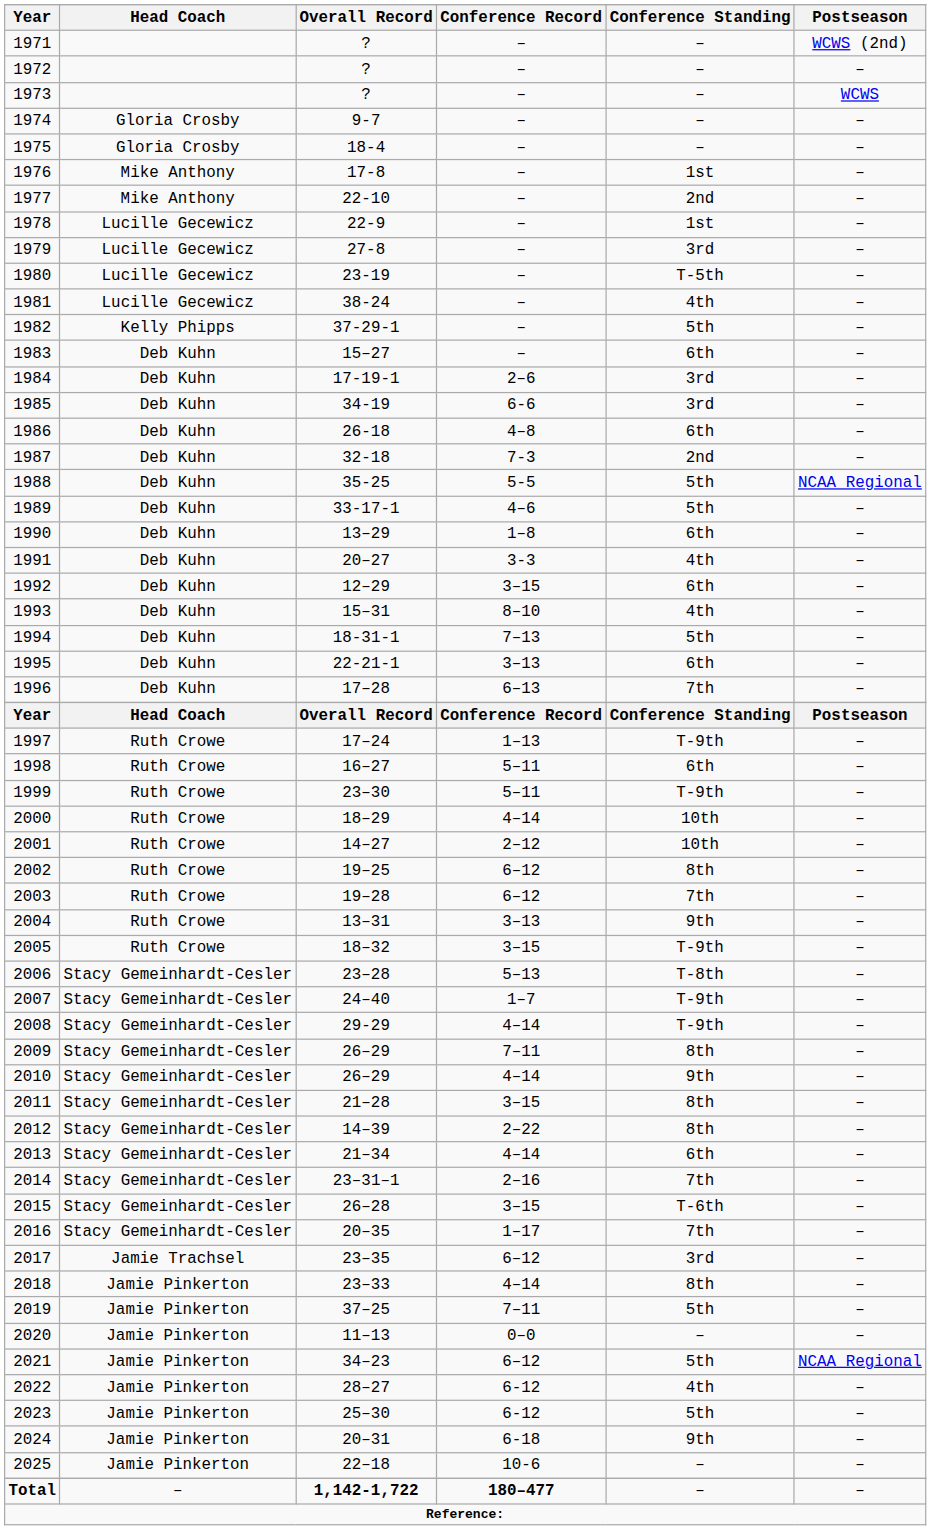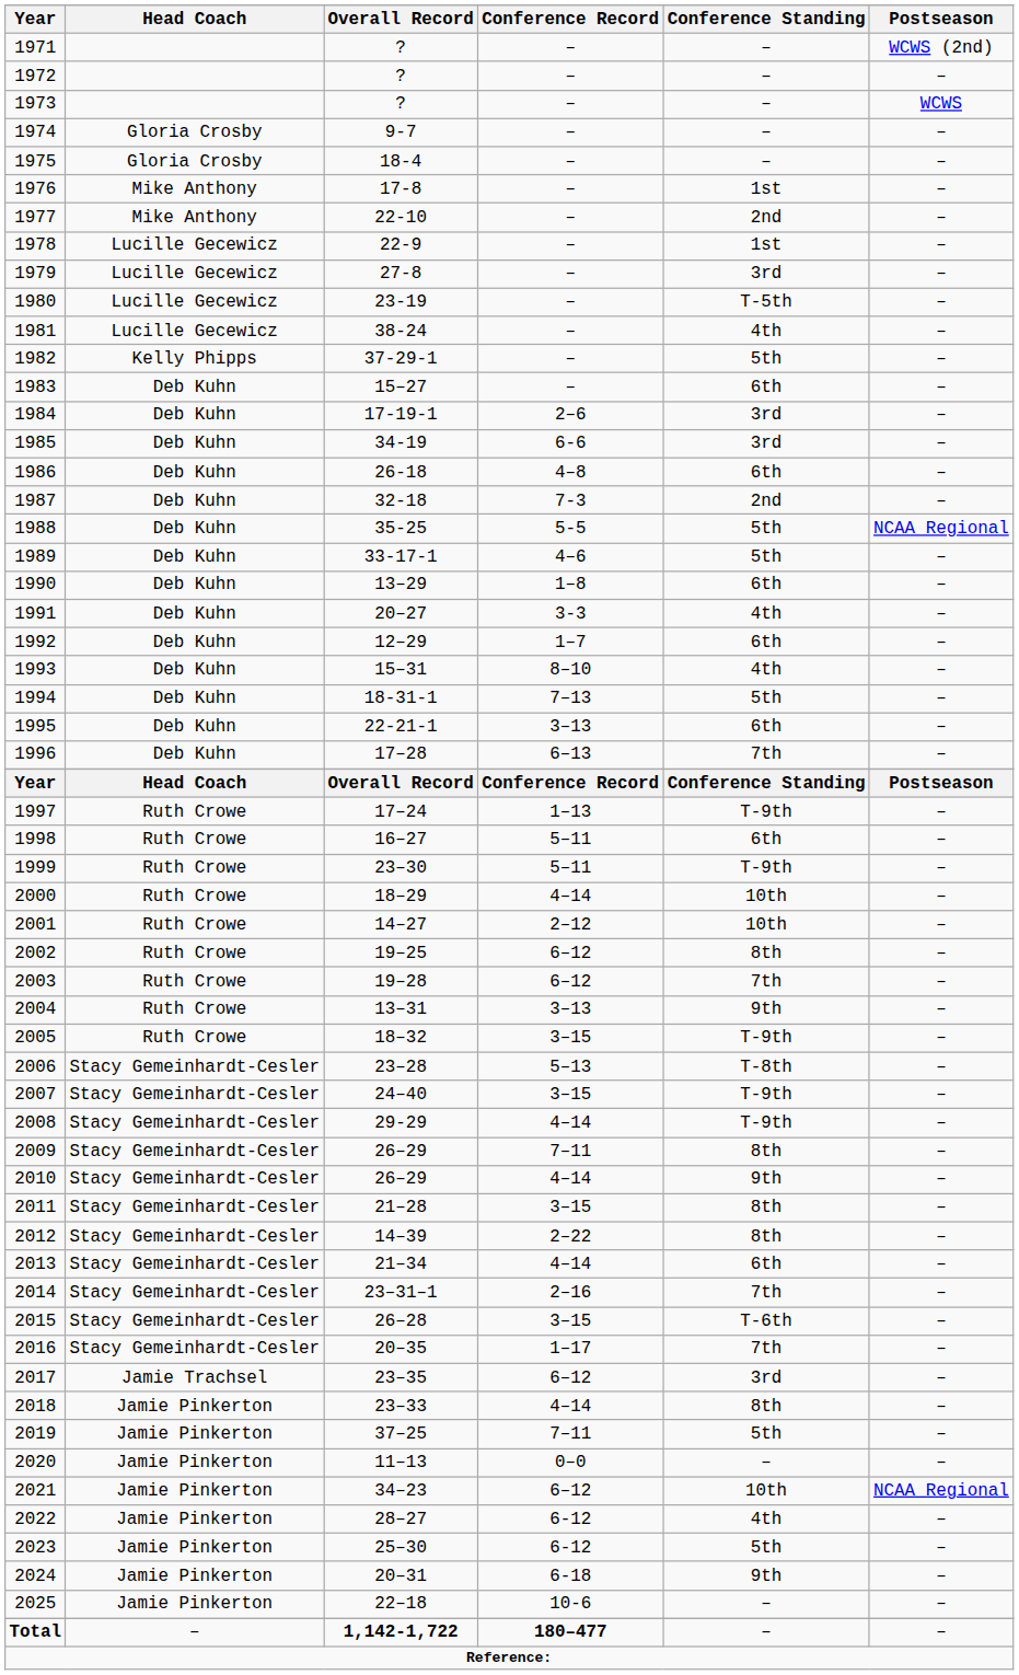 <table class="wikitable" style="text-align: center">
 <tr align=center>
 </tr>
 <tr>
 <th>Year</th>
 <th>Head Coach</th>
 <th>Overall Record</th>
 <th>Conference Record</th>
 <th>Conference Standing</th>
 <th>Postseason</th>
 </tr>
 <tr>
 <td>1971</td>
 <td></td>
 <td>?</td>
 <td>–</td>
 <td>–</td>
 <td><a href='#'>WCWS</a> (2nd)</td>
 </tr>
 <tr>
 <td>1972</td>
 <td></td>
 <td>?</td>
 <td>–</td>
 <td>–</td>
 <td>–</td>
 </tr>
 <tr>
 <td>1973</td>
 <td></td>
 <td>?</td>
 <td>–</td>
 <td>–</td>
 <td><a href='#'>WCWS</a></td>
 </tr>
 <tr>
 <td>1974</td>
 <td>Gloria Crosby</td>
 <td>9-7</td>
 <td>–</td>
 <td>–</td>
 <td>–</td>
 </tr>
 <tr>
 <td>1975</td>
 <td>Gloria Crosby</td>
 <td>18-4</td>
 <td>–</td>
 <td>–</td>
 <td>–</td>
 </tr>
 <tr>
 <td>1976</td>
 <td>Mike Anthony</td>
 <td>17-8</td>
 <td>–</td>
 <td>1st</td>
 <td>–</td>
 </tr>
 <tr>
 <td>1977</td>
 <td>Mike Anthony</td>
 <td>22-10</td>
 <td>–</td>
 <td>2nd</td>
 <td>–</td>
 </tr>
 <tr>
 <td>1978</td>
 <td>Lucille Gecewicz</td>
 <td>22-9</td>
 <td>–</td>
 <td>1st</td>
 <td>–</td>
 </tr>
 <tr>
 <td>1979</td>
 <td>Lucille Gecewicz</td>
 <td>27-8</td>
 <td>–</td>
 <td>3rd</td>
 <td>–</td>
 </tr>
 <tr>
 <td>1980</td>
 <td>Lucille Gecewicz</td>
 <td>23-19</td>
 <td>–</td>
 <td>T-5th</td>
 <td>–</td>
 </tr>
 <tr>
 <td>1981</td>
 <td>Lucille Gecewicz</td>
 <td>38-24</td>
 <td>–</td>
 <td>4th</td>
 <td>–</td>
 </tr>
 <tr>
 <td>1982</td>
 <td>Kelly Phipps</td>
 <td>37-29-1</td>
 <td>–</td>
 <td>5th</td>
 <td>–</td>
 </tr>
 <tr>
 <td>1983</td>
 <td>Deb Kuhn</td>
 <td>15–27</td>
 <td>–</td>
 <td>6th</td>
 <td>–</td>
 </tr>
 <tr>
 <td>1984</td>
 <td>Deb Kuhn</td>
 <td>17-19-1</td>
 <td>2–6</td>
 <td>3rd</td>
 <td>–</td>
 </tr>
 <tr>
 <td>1985</td>
 <td>Deb Kuhn</td>
 <td>34-19</td>
 <td>6-6</td>
 <td>3rd</td>
 <td>–</td>
 </tr>
 <tr>
 <td>1986</td>
 <td>Deb Kuhn</td>
 <td>26-18</td>
 <td>4–8</td>
 <td>6th</td>
 <td>–</td>
 </tr>
 <tr>
 <td>1987</td>
 <td>Deb Kuhn</td>
 <td>32-18</td>
 <td>7-3</td>
 <td>2nd</td>
 <td>–</td>
 </tr>
 <tr>
 <td>1988</td>
 <td>Deb Kuhn</td>
 <td>35-25</td>
 <td>5-5</td>
 <td>5th</td>
 <td><a href='#'>NCAA Regional</a></td>
 </tr>
 <tr>
 <td>1989</td>
 <td>Deb Kuhn</td>
 <td>33-17-1</td>
 <td>4–6</td>
 <td>5th</td>
 <td>–</td>
 </tr>
 <tr>
 <td>1990</td>
 <td>Deb Kuhn</td>
 <td>13–29</td>
 <td>1–8</td>
 <td>6th</td>
 <td>–</td>
 </tr>
 <tr>
 <td>1991</td>
 <td>Deb Kuhn</td>
 <td>20–27</td>
 <td>3-3</td>
 <td>4th</td>
 <td>–</td>
 </tr>
 <tr>
 <td>1992</td>
 <td>Deb Kuhn</td>
 <td>12–29</td>
-<td>3–15</td>
+<td>1–7</td>
 <td>6th</td>
 <td>–</td>
 </tr>
 <tr>
 <td>1993</td>
 <td>Deb Kuhn</td>
 <td>15–31</td>
 <td>8–10</td>
 <td>4th</td>
 <td>–</td>
 </tr>
 <tr>
 <td>1994</td>
 <td>Deb Kuhn</td>
 <td>18-31-1</td>
 <td>7–13</td>
 <td>5th</td>
 <td>–</td>
 </tr>
 <tr>
 <td>1995</td>
 <td>Deb Kuhn</td>
 <td>22-21-1</td>
 <td>3–13</td>
 <td>6th</td>
 <td>–</td>
 </tr>
 <tr>
 <td>1996</td>
 <td>Deb Kuhn</td>
 <td>17–28</td>
 <td>6–13</td>
 <td>7th</td>
 <td>–</td>
 </tr>
 <tr>
 </tr>
 <tr>
 <th>Year</th>
 <th>Head Coach</th>
 <th>Overall Record</th>
 <th>Conference Record</th>
 <th>Conference Standing</th>
 <th>Postseason</th>
 </tr>
 <tr>
 <td>1997</td>
 <td>Ruth Crowe</td>
 <td>17–24</td>
 <td>1–13</td>
 <td>T-9th</td>
 <td>–</td>
 </tr>
 <tr>
 <td>1998</td>
 <td>Ruth Crowe</td>
 <td>16–27</td>
 <td>5–11</td>
 <td>6th</td>
 <td>–</td>
 </tr>
 <tr>
 <td>1999</td>
 <td>Ruth Crowe</td>
 <td>23–30</td>
 <td>5–11</td>
 <td>T-9th</td>
 <td>–</td>
 </tr>
 <tr>
 <td>2000</td>
 <td>Ruth Crowe</td>
 <td>18–29</td>
 <td>4–14</td>
 <td>10th</td>
 <td>–</td>
 </tr>
 <tr>
 <td>2001</td>
 <td>Ruth Crowe</td>
 <td>14–27</td>
 <td>2–12</td>
 <td>10th</td>
 <td>–</td>
 </tr>
 <tr>
 <td>2002</td>
 <td>Ruth Crowe</td>
 <td>19–25</td>
 <td>6–12</td>
 <td>8th</td>
 <td>–</td>
 </tr>
 <tr>
 <td>2003</td>
 <td>Ruth Crowe</td>
 <td>19–28</td>
 <td>6–12</td>
 <td>7th</td>
 <td>–</td>
 </tr>
 <tr>
 <td>2004</td>
 <td>Ruth Crowe</td>
 <td>13–31</td>
 <td>3–13</td>
 <td>9th</td>
 <td>–</td>
 </tr>
 <tr>
 <td>2005</td>
 <td>Ruth Crowe</td>
 <td>18–32</td>
 <td>3–15</td>
 <td>T-9th</td>
 <td>–</td>
 </tr>
 <tr>
 <td>2006</td>
 <td>Stacy Gemeinhardt-Cesler</td>
 <td>23–28</td>
 <td>5–13</td>
 <td>T-8th</td>
 <td>–</td>
 </tr>
 <tr>
 <td>2007</td>
 <td>Stacy Gemeinhardt-Cesler</td>
 <td>24–40</td>
-<td>1–7</td>
+<td>3–15</td>
 <td>T-9th</td>
 <td>–</td>
 </tr>
 <tr>
 <td>2008</td>
 <td>Stacy Gemeinhardt-Cesler</td>
 <td>29-29</td>
 <td>4–14</td>
 <td>T-9th</td>
 <td>–</td>
 </tr>
 <tr>
 <td>2009</td>
 <td>Stacy Gemeinhardt-Cesler</td>
 <td>26–29</td>
 <td>7–11</td>
 <td>8th</td>
 <td>–</td>
 </tr>
 <tr>
 <td>2010</td>
 <td>Stacy Gemeinhardt-Cesler</td>
 <td>26–29</td>
 <td>4–14</td>
 <td>9th</td>
 <td>–</td>
 </tr>
 <tr>
 <td>2011</td>
 <td>Stacy Gemeinhardt-Cesler</td>
 <td>21–28</td>
 <td>3–15</td>
 <td>8th</td>
 <td>–</td>
 </tr>
 <tr>
 <td>2012</td>
 <td>Stacy Gemeinhardt-Cesler</td>
 <td>14–39</td>
 <td>2–22</td>
 <td>8th</td>
 <td>–</td>
 </tr>
 <tr>
 <td>2013</td>
 <td>Stacy Gemeinhardt-Cesler</td>
 <td>21–34</td>
 <td>4–14</td>
 <td>6th</td>
 <td>–</td>
 </tr>
 <tr>
 <td>2014</td>
 <td>Stacy Gemeinhardt-Cesler</td>
 <td>23–31–1</td>
 <td>2–16</td>
 <td>7th</td>
 <td>–</td>
 </tr>
 <tr>
 <td>2015</td>
 <td>Stacy Gemeinhardt-Cesler</td>
 <td>26–28</td>
 <td>3–15</td>
 <td>T-6th</td>
 <td>–</td>
 </tr>
 <tr>
 <td>2016</td>
 <td>Stacy Gemeinhardt-Cesler</td>
 <td>20–35</td>
 <td>1–17</td>
 <td>7th</td>
 <td>–</td>
 </tr>
 <tr>
 <td>2017</td>
 <td>Jamie Trachsel</td>
 <td>23–35</td>
 <td>6–12</td>
 <td>3rd</td>
 <td>–</td>
 </tr>
 <tr>
 <td>2018</td>
 <td>Jamie Pinkerton</td>
 <td>23–33</td>
 <td>4–14</td>
 <td>8th</td>
 <td>–</td>
 </tr>
 <tr>
 <td>2019</td>
 <td>Jamie Pinkerton</td>
 <td>37–25</td>
 <td>7–11</td>
 <td>5th</td>
 <td>–</td>
 </tr>
 <tr>
 <td>2020</td>
 <td>Jamie Pinkerton</td>
 <td>11–13</td>
 <td>0–0</td>
 <td>–</td>
 <td>–</td>
 </tr>
 <tr>
 <td>2021</td>
 <td>Jamie Pinkerton</td>
 <td>34–23</td>
 <td>6–12</td>
-<td>5th</td>
+<td>10th</td>
 <td><a href='#'>NCAA Regional</a></td>
 </tr>
 <tr>
 <td>2022</td>
 <td>Jamie Pinkerton</td>
 <td>28–27</td>
 <td>6-12</td>
 <td>4th</td>
 <td>–</td>
 </tr>
 <tr>
 <td>2023</td>
 <td>Jamie Pinkerton</td>
 <td>25–30</td>
 <td>6-12</td>
 <td>5th</td>
 <td>–</td>
 </tr>
 <tr>
 <td>2024</td>
 <td>Jamie Pinkerton</td>
 <td>20–31</td>
 <td>6-18</td>
 <td>9th</td>
 <td>–</td>
 </tr>
 <tr>
 <td>2025</td>
 <td>Jamie Pinkerton</td>
 <td>22–18</td>
 <td>10-6</td>
 <td>–</td>
 <td>–</td>
 </tr>
 <tr>
 </tr>
 <tr>
 <td><strong>Total</strong></td>
 <td>–</td>
 <td><strong>1,142-1,722</strong></td>
 <td><strong>180–477</strong></td>
 <td>–</td>
 <td>–</td>
 </tr>
 <tr>
 <td colspan="6"  style="font-size:8pt; text-align:center;"><strong>Reference:</strong></td>
 </tr>
 </table>
